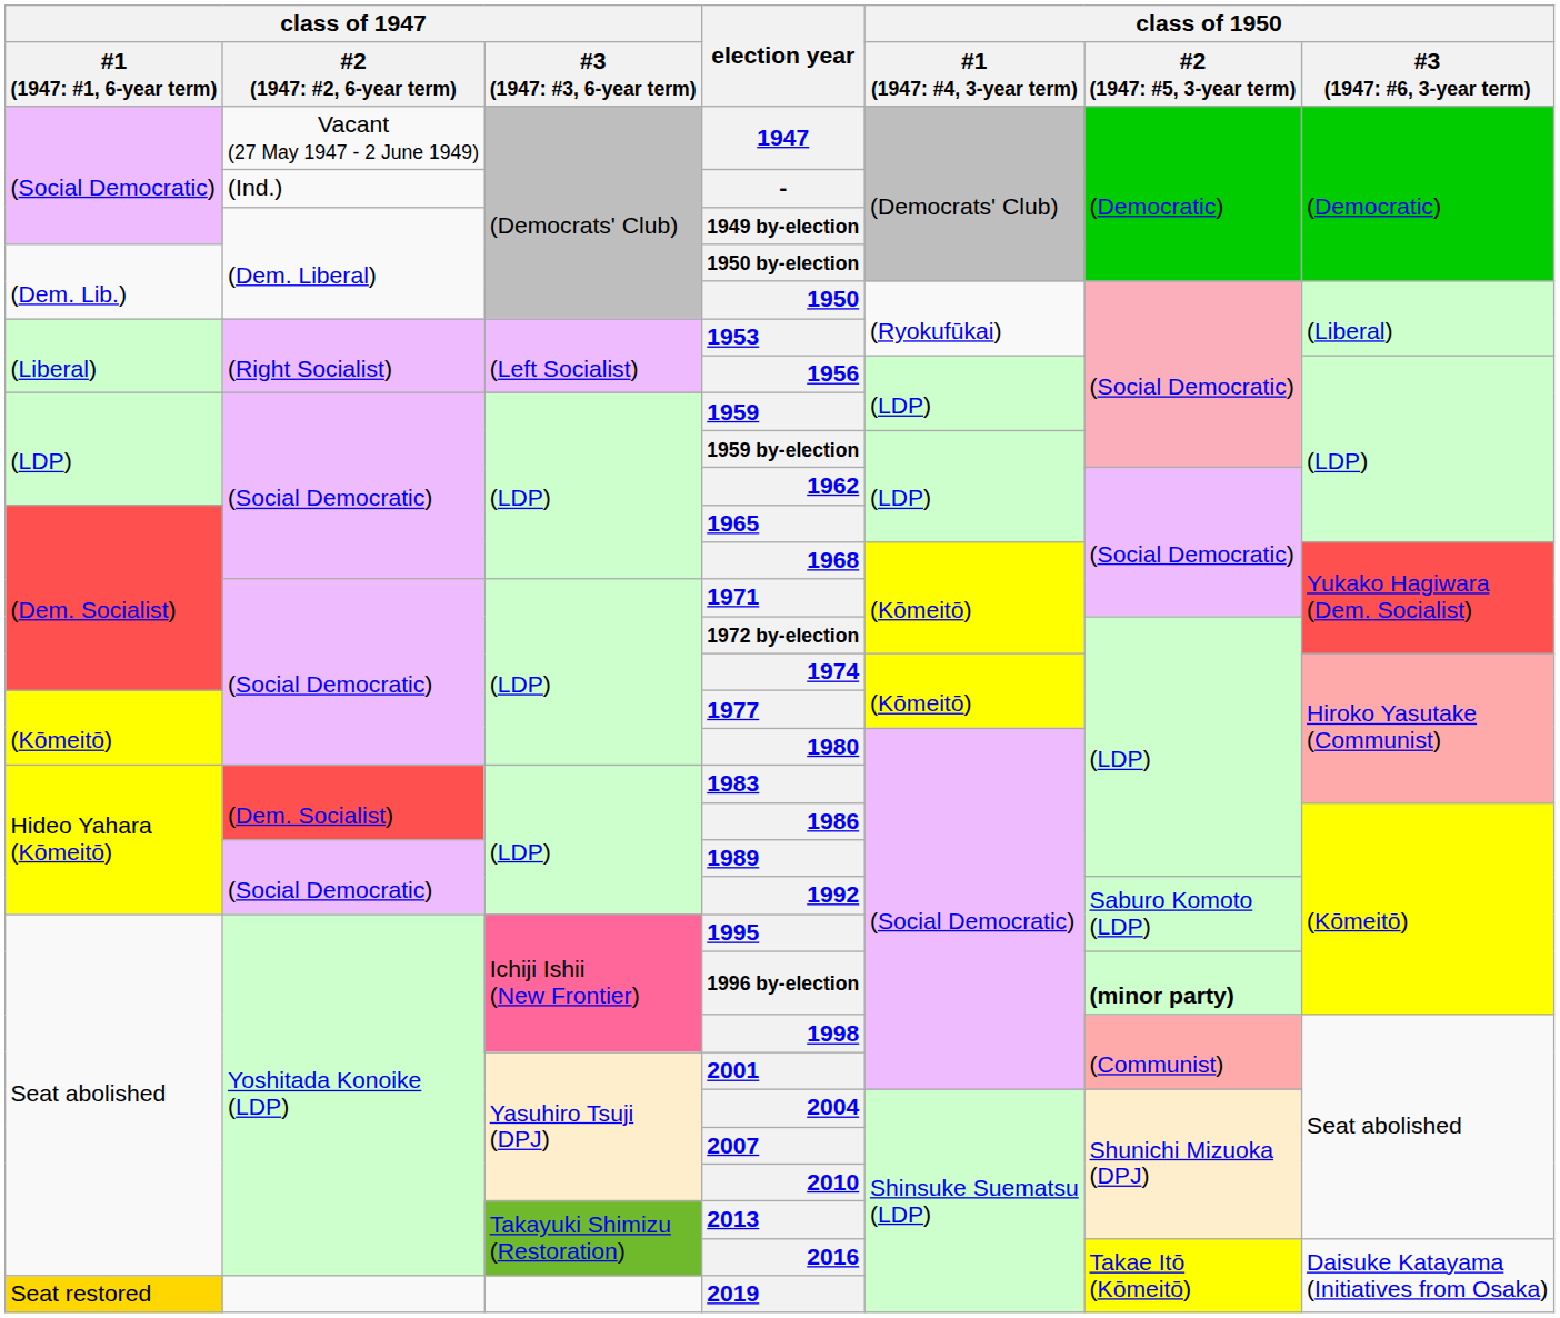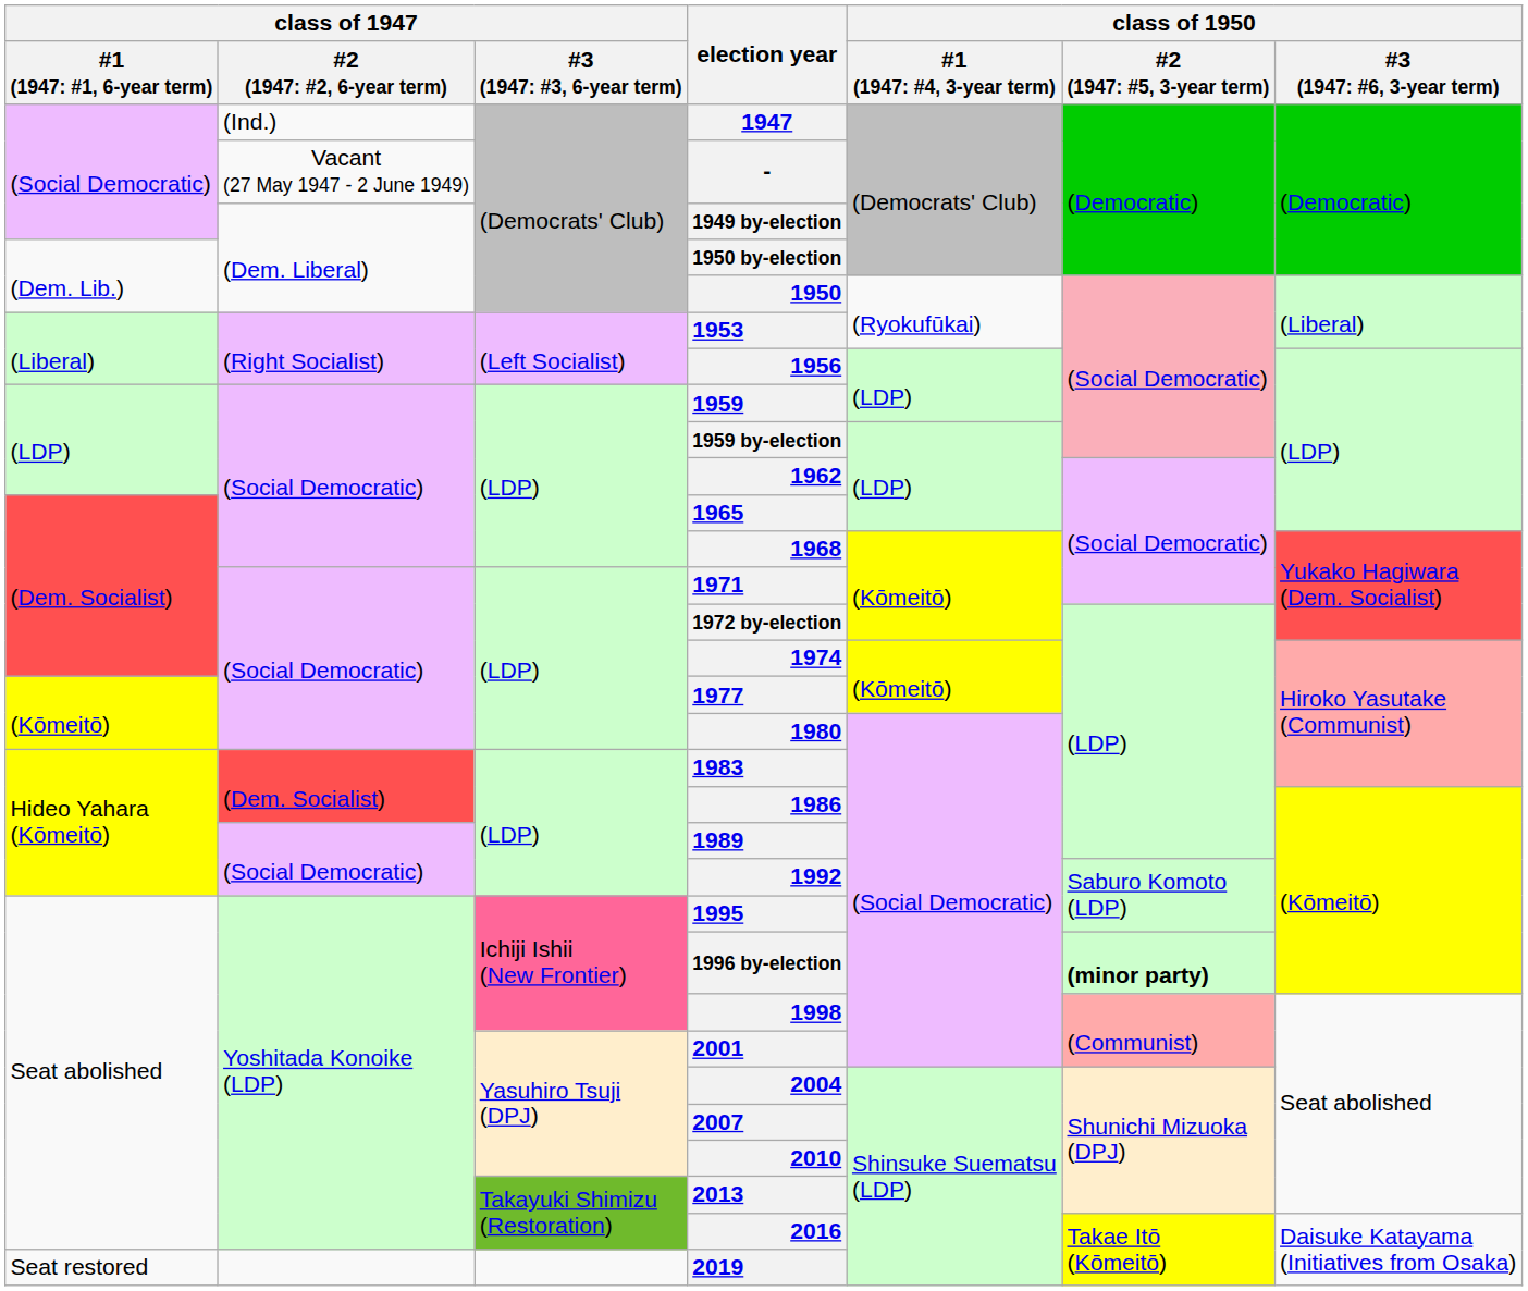 <table class="wikitable" border="1">
 <tr>
 <th colspan="3">class of 1947</th>
 <th rowspan="2">election year</th>
 <th colspan="3">class of 1950</th>
 </tr>
 <tr>
 <th>#1<br><small>(1947: #1, 6-year term)</small></th>
 <th>#2<br><small>(1947: #2, 6-year term)</small></th>
 <th>#3<br><small>(1947: #3, 6-year term)</small></th>
 <th>#1<br><small>(1947: #4, 3-year term)</small></th>
 <th>#2<br><small>(1947: #5, 3-year term)</small></th>
 <th>#3<br><small>(1947: #6, 3-year term)</small></th>
 </tr>
 <tr>
 <td rowspan="3" bgcolor="#EEBBFF"><br>(<a href='#'>Social Democratic</a>)</td>
-<td align="center">Vacant<br><small>(27 May 1947 - 2 June 1949)</small></td>
+<td> (Ind.)</td>
 <td rowspan="5" bgcolor="#BEBEBE"><br>(Democrats' Club)</td>
 <th style="text-align: center"><a href='#'>1947</a></th>
 <td rowspan="4" bgcolor="#BEBEBE"><br>(Democrats' Club)</td>
 <td rowspan="4" bgcolor="#00CC00"><br>(<a href='#'>Democratic</a>)</td>
 <td rowspan="4" bgcolor="#00CC00"><br>(<a href='#'>Democratic</a>)</td>
 </tr>
 <tr>
-<td> (Ind.)</td>
+<td align="center">Vacant<br><small>(27 May 1947 - 2 June 1949)</small></td>
 <th style="text-align: center">-</th>
 </tr>
 <tr>
 <td rowspan="3"><br>(<a href='#'>Dem. Liberal</a>)</td>
 <th style="text-align: left"><small>1949 by-election</small></th>
 </tr>
 <tr>
 <td rowspan="2"><br>(<a href='#'>Dem. Lib.</a>)</td>
 <th style="text-align: left"><small>1950 by-election</small></th>
 </tr>
 <tr>
 <th style="text-align: right"><a href='#'>1950</a></th>
 <td rowspan="2"><br>(<a href='#'>Ryokufūkai</a>)</td>
 <td rowspan="5" bgcolor="#FAAFBA"><br>(<a href='#'>Social Democratic</a>)</td>
 <td rowspan="2" bgcolor="#CCFFCC"><br>(<a href='#'>Liberal</a>)</td>
 </tr>
 <tr>
 <td rowspan="2" bgcolor="#CCFFCC"><br>(<a href='#'>Liberal</a>)</td>
 <td rowspan="2" bgcolor="#EEBBFF"><br>(<a href='#'>Right Socialist</a>)</td>
 <td rowspan="2" bgcolor="#EEBBFF"><br>(<a href='#'>Left Socialist</a>)</td>
 <th style="text-align: left"><a href='#'>1953</a></th>
 </tr>
 <tr>
 <th style="text-align: right"><a href='#'>1956</a></th>
 <td rowspan="2" bgcolor="#CCFFCC"><br>(<a href='#'>LDP</a>)</td>
 <td rowspan="5" bgcolor="#CCFFCC"><br>(<a href='#'>LDP</a>)</td>
 </tr>
 <tr>
 <td rowspan="3" bgcolor="#CCFFCC"><br>(<a href='#'>LDP</a>)</td>
 <td rowspan="5" bgcolor="#EEBBFF"><br>(<a href='#'>Social Democratic</a>)</td>
 <td rowspan="5" bgcolor="#CCFFCC"><br>(<a href='#'>LDP</a>)</td>
 <th style="text-align: left"><a href='#'>1959</a></th>
 </tr>
 <tr>
 <th style="text-align: right"><small>1959 by-election</small></th>
 <td rowspan="3" bgcolor="#CCFFCC"><br>(<a href='#'>LDP</a>)</td>
 </tr>
 <tr>
 <th style="text-align: right"><a href='#'>1962</a></th>
 <td rowspan="4" bgcolor="#EEBBFF"><br>(<a href='#'>Social Democratic</a>)</td>
 </tr>
 <tr>
 <td rowspan="5" bgcolor="#FF5050"><br>(<a href='#'>Dem. Socialist</a>)</td>
 <th style="text-align: left"><a href='#'>1965</a></th>
 </tr>
 <tr>
 <th style="text-align: right"><a href='#'>1968</a></th>
 <td rowspan="3" bgcolor="#FFFF00"><br>(<a href='#'>Kōmeitō</a>)</td>
 <td rowspan="3" bgcolor="#FF5050"><a href='#'>Yukako Hagiwara</a><br>(<a href='#'>Dem. Socialist</a>)</td>
 </tr>
 <tr>
 <td rowspan="5" bgcolor="#EEBBFF"><br>(<a href='#'>Social Democratic</a>)</td>
 <td rowspan="5" bgcolor="#CCFFCC"><br>(<a href='#'>LDP</a>)</td>
 <th style="text-align: left"><a href='#'>1971</a></th>
 </tr>
 <tr>
 <th style="text-align: right"><small>1972 by-election</small></th>
 <td rowspan="7" bgcolor="#CCFFCC"><br>(<a href='#'>LDP</a>)</td>
 </tr>
 <tr>
 <th style="text-align: right"><a href='#'>1974</a></th>
 <td rowspan="2" bgcolor="#FFFF00"><br>(<a href='#'>Kōmeitō</a>)</td>
 <td rowspan="4" bgcolor="#FFAAAA"><a href='#'>Hiroko Yasutake</a><br>(<a href='#'>Communist</a>)</td>
 </tr>
 <tr>
 <td rowspan="2" bgcolor="#FFFF00"><br>(<a href='#'>Kōmeitō</a>)</td>
 <th style="text-align: left"><a href='#'>1977</a></th>
 </tr>
 <tr>
 <th style="text-align: right"><a href='#'>1980</a></th>
 <td rowspan="9" bgcolor="#EEBBFF"><br>(<a href='#'>Social Democratic</a>)</td>
 </tr>
 <tr>
 <td rowspan="4" bgcolor="#FFFF00">Hideo Yahara<br>(<a href='#'>Kōmeitō</a>)</td>
 <td rowspan="2" bgcolor="#FF5050"><br>(<a href='#'>Dem. Socialist</a>)</td>
 <td rowspan="4" bgcolor="#CCFFCC"><br>(<a href='#'>LDP</a>)</td>
 <th style="text-align: left"><a href='#'>1983</a></th>
 </tr>
 <tr>
 <th style="text-align: right"><a href='#'>1986</a></th>
 <td rowspan="5" bgcolor="#FFFF00"><br>(<a href='#'>Kōmeitō</a>)</td>
 </tr>
 <tr>
 <td rowspan="2" bgcolor="#EEBBFF"><br>(<a href='#'>Social Democratic</a>)</td>
 <th style="text-align: left"><a href='#'>1989</a></th>
 </tr>
 <tr>
 <th style="text-align: right"><a href='#'>1992</a></th>
 <td rowspan="2" bgcolor="#CCFFCC"><a href='#'>Saburo Komoto</a><br>(<a href='#'>LDP</a>)</td>
 </tr>
 <tr>
 <td rowspan="9">Seat abolished</td>
 <td rowspan="9" bgcolor="#CCFFCC"><a href='#'>Yoshitada Konoike</a><br>(<a href='#'>LDP</a>)</td>
 <td rowspan="3" bgcolor="#FF6699">Ichiji Ishii<br>(<a href='#'>New Frontier</a>)</td>
 <th style="text-align: left"><a href='#'>1995</a></th>
 </tr>
 <tr>
 <th style="text-align: right"><small>1996 by-election</small></th>
 <td rowspan="1" bgcolor="#CCFFCC"><strong><br>(minor party)</strong></td>
 </tr>
 <tr>
 <th style="text-align: right"><a href='#'>1998</a></th>
 <td rowspan="2" bgcolor="#FFAAAA"><br>(<a href='#'>Communist</a>)</td>
 <td rowspan="6">Seat abolished</td>
 </tr>
 <tr>
 <td rowspan="4" bgcolor="#FFEECC"><a href='#'>Yasuhiro Tsuji</a><br>(<a href='#'>DPJ</a>)</td>
 <th style="text-align: left"><a href='#'>2001</a></th>
 </tr>
 <tr>
 <th style="text-align: right"><a href='#'>2004</a></th>
 <td rowspan="6" bgcolor="#CCFFCC"><a href='#'>Shinsuke Suematsu</a><br>(<a href='#'>LDP</a>)</td>
 <td rowspan="4" bgcolor="#FFEECC"><a href='#'>Shunichi Mizuoka</a><br>(<a href='#'>DPJ</a>)</td>
 </tr>
 <tr>
 <th style="text-align: left"><a href='#'>2007</a></th>
 </tr>
 <tr>
 <th style="text-align: right"><a href='#'>2010</a></th>
 </tr>
 <tr>
 <td rowspan="2" bgcolor="#6FBA2C"><a href='#'>Takayuki Shimizu</a><br>(<a href='#'>Restoration</a>)</td>
 <th style="text-align: left"><a href='#'>2013</a></th>
 </tr>
 <tr>
 <th style="text-align: right"><a href='#'>2016</a></th>
 <td rowspan="2" bgcolor="#FFFF00"><a href='#'>Takae Itō</a><br>(<a href='#'>Kōmeitō</a>)</td>
 <td rowspan="2" style="background:"><a href='#'>Daisuke Katayama</a><br>(<a href='#'>Initiatives from Osaka</a>)</td>
 </tr>
 <tr>
-<td style="background: gold;">Seat restored</td>
+<td>Seat restored</td>
 <td></td>
 <td></td>
 <th style="text-align: left"><a href='#'>2019</a></th>
 </tr>
 </table>
